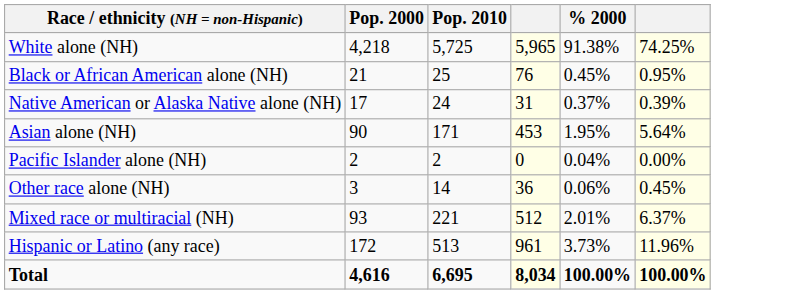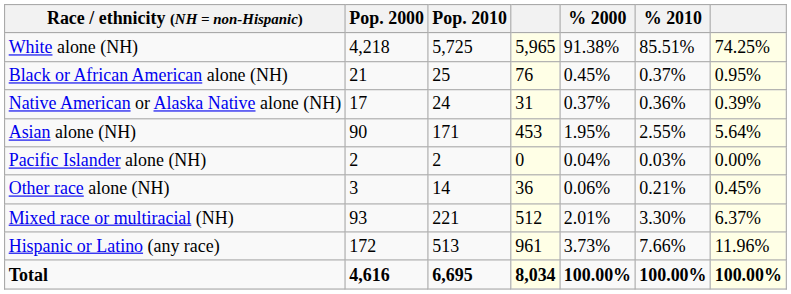 <table class="wikitable">
 <tr>
 <th>Race / ethnicity <small>(<em>NH = non-Hispanic</em>)</small></th>
 <th>Pop. 2000</th>
 <th>Pop. 2010</th>
 <th></th>
 <th>% 2000</th>
+<th>% 2010</th>
 <th></th>
 </tr>
 <tr>
 <td><a href='#'>White</a> alone (NH)</td>
 <td>4,218</td>
 <td>5,725</td>
 <td style='background: #ffffe6;'>5,965</td>
 <td>91.38%</td>
+<td>85.51%</td>
 <td style='background: #ffffe6;'>74.25%</td>
 </tr>
 <tr>
 <td><a href='#'>Black or African American</a> alone (NH)</td>
 <td>21</td>
 <td>25</td>
 <td style='background: #ffffe6;'>76</td>
 <td>0.45%</td>
+<td>0.37%</td>
 <td style='background: #ffffe6;'>0.95%</td>
 </tr>
 <tr>
 <td><a href='#'>Native American</a> or <a href='#'>Alaska Native</a> alone (NH)</td>
 <td>17</td>
 <td>24</td>
 <td style='background: #ffffe6;'>31</td>
 <td>0.37%</td>
+<td>0.36%</td>
 <td style='background: #ffffe6;'>0.39%</td>
 </tr>
 <tr>
 <td><a href='#'>Asian</a> alone (NH)</td>
 <td>90</td>
 <td>171</td>
 <td style='background: #ffffe6;'>453</td>
 <td>1.95%</td>
+<td>2.55%</td>
 <td style='background: #ffffe6;'>5.64%</td>
 </tr>
 <tr>
 <td><a href='#'>Pacific Islander</a> alone (NH)</td>
 <td>2</td>
 <td>2</td>
 <td style='background: #ffffe6;'>0</td>
 <td>0.04%</td>
+<td>0.03%</td>
 <td style='background: #ffffe6;'>0.00%</td>
 </tr>
 <tr>
 <td><a href='#'>Other race</a> alone (NH)</td>
 <td>3</td>
 <td>14</td>
 <td style='background: #ffffe6;'>36</td>
 <td>0.06%</td>
+<td>0.21%</td>
 <td style='background: #ffffe6;'>0.45%</td>
 </tr>
 <tr>
 <td><a href='#'>Mixed race or multiracial</a> (NH)</td>
 <td>93</td>
 <td>221</td>
 <td style='background: #ffffe6;'>512</td>
 <td>2.01%</td>
+<td>3.30%</td>
 <td style='background: #ffffe6;'>6.37%</td>
 </tr>
 <tr>
 <td><a href='#'>Hispanic or Latino</a> (any race)</td>
 <td>172</td>
 <td>513</td>
 <td style='background: #ffffe6;'>961</td>
 <td>3.73%</td>
+<td>7.66%</td>
 <td style='background: #ffffe6;'>11.96%</td>
 </tr>
 <tr>
 <td><strong>Total</strong></td>
 <td><strong>4,616</strong></td>
 <td><strong>6,695</strong></td>
 <td style='background: #ffffe6;'><strong>8,034</strong></td>
 <td><strong>100.00%</strong></td>
+<td><strong>100.00%</strong></td>
 <td style='background: #ffffe6;'><strong>100.00%</strong></td>
 </tr>
 </table>
